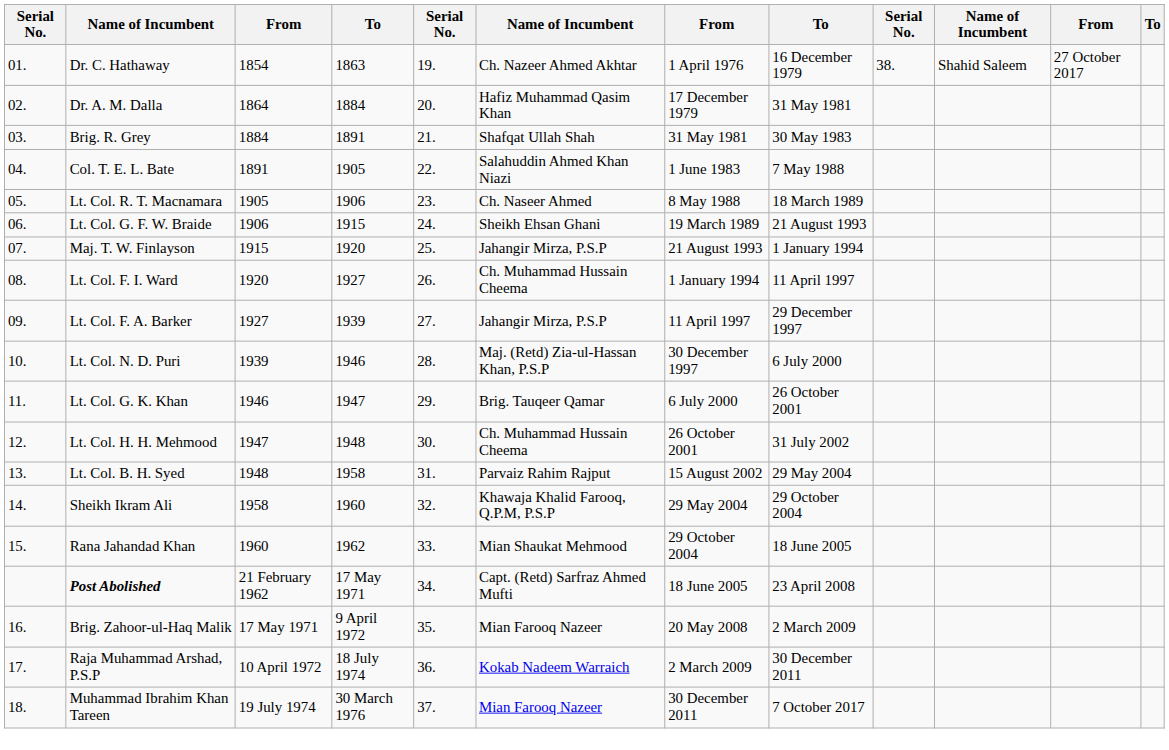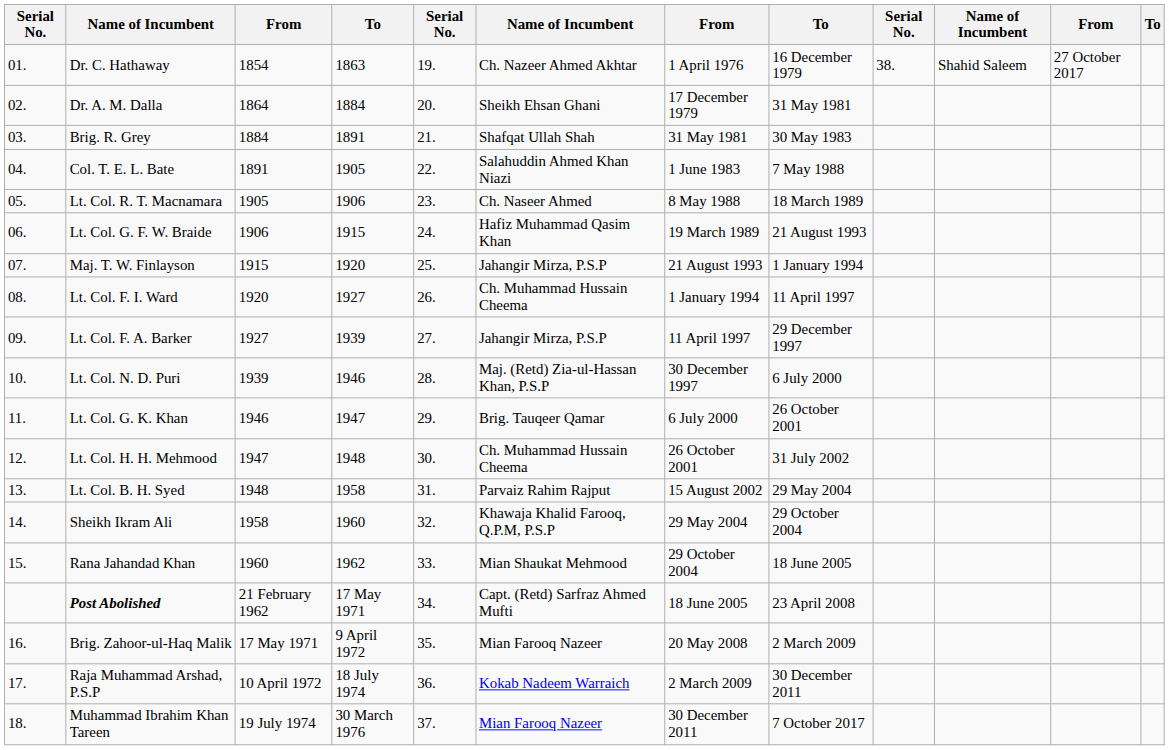 <table class="wikitable">
 <tr>
 <th>Serial No.</th>
 <th>Name of Incumbent</th>
 <th>From</th>
 <th>To</th>
 <th>Serial No.</th>
 <th>Name of Incumbent</th>
 <th>From</th>
 <th>To</th>
 <th>Serial No.</th>
 <th>Name of Incumbent</th>
 <th>From</th>
 <th>To</th>
 </tr>
 <tr>
 <td>01.</td>
 <td>Dr. C. Hathaway</td>
 <td>1854</td>
 <td>1863</td>
 <td>19.</td>
 <td>Ch. Nazeer Ahmed Akhtar</td>
 <td>1 April 1976</td>
 <td>16 December 1979</td>
 <td>38.</td>
 <td>Shahid Saleem</td>
 <td>27 October 2017</td>
 <td></td>
 </tr>
 <tr>
 <td>02.</td>
 <td>Dr. A. M. Dalla</td>
 <td>1864</td>
 <td>1884</td>
 <td>20.</td>
-<td>Hafiz Muhammad Qasim Khan</td>
+<td>Sheikh Ehsan Ghani</td>
 <td>17 December 1979</td>
 <td>31 May 1981</td>
 <td></td>
 <td></td>
 <td></td>
 <td></td>
 </tr>
 <tr>
 <td>03.</td>
 <td>Brig. R. Grey</td>
 <td>1884</td>
 <td>1891</td>
 <td>21.</td>
 <td>Shafqat Ullah Shah</td>
 <td>31 May 1981</td>
 <td>30 May 1983</td>
 <td></td>
 <td></td>
 <td></td>
 <td></td>
 </tr>
 <tr>
 <td>04.</td>
 <td>Col. T. E. L. Bate</td>
 <td>1891</td>
 <td>1905</td>
 <td>22.</td>
 <td>Salahuddin Ahmed Khan Niazi</td>
 <td>1 June 1983</td>
 <td>7 May 1988</td>
 <td></td>
 <td></td>
 <td></td>
 <td></td>
 </tr>
 <tr>
 <td>05.</td>
 <td>Lt. Col. R. T. Macnamara</td>
 <td>1905</td>
 <td>1906</td>
 <td>23.</td>
 <td>Ch. Naseer Ahmed</td>
 <td>8 May 1988</td>
 <td>18 March 1989</td>
 <td></td>
 <td></td>
 <td></td>
 <td></td>
 </tr>
 <tr>
 <td>06.</td>
 <td>Lt. Col. G. F. W. Braide</td>
 <td>1906</td>
 <td>1915</td>
 <td>24.</td>
-<td>Sheikh Ehsan Ghani</td>
+<td>Hafiz Muhammad Qasim Khan</td>
 <td>19 March 1989</td>
 <td>21 August 1993</td>
 <td></td>
 <td></td>
 <td></td>
 <td></td>
 </tr>
 <tr>
 <td>07.</td>
 <td>Maj. T. W. Finlayson</td>
 <td>1915</td>
 <td>1920</td>
 <td>25.</td>
 <td>Jahangir Mirza, P.S.P</td>
 <td>21 August 1993</td>
 <td>1 January 1994</td>
 <td></td>
 <td></td>
 <td></td>
 <td></td>
 </tr>
 <tr>
 <td>08.</td>
 <td>Lt. Col. F. I. Ward</td>
 <td>1920</td>
 <td>1927</td>
 <td>26.</td>
 <td>Ch. Muhammad Hussain Cheema</td>
 <td>1 January 1994</td>
 <td>11 April 1997</td>
 <td></td>
 <td></td>
 <td></td>
 <td></td>
 </tr>
 <tr>
 <td>09.</td>
 <td>Lt. Col. F. A. Barker</td>
 <td>1927</td>
 <td>1939</td>
 <td>27.</td>
 <td>Jahangir Mirza, P.S.P</td>
 <td>11 April 1997</td>
 <td>29 December 1997</td>
 <td></td>
 <td></td>
 <td></td>
 <td></td>
 </tr>
 <tr>
 <td>10.</td>
 <td>Lt. Col. N. D. Puri</td>
 <td>1939</td>
 <td>1946</td>
 <td>28.</td>
 <td>Maj. (Retd) Zia-ul-Hassan Khan, P.S.P</td>
 <td>30 December 1997</td>
 <td>6 July 2000</td>
 <td></td>
 <td></td>
 <td></td>
 <td></td>
 </tr>
 <tr>
 <td>11.</td>
 <td>Lt. Col. G. K. Khan</td>
 <td>1946</td>
 <td>1947</td>
 <td>29.</td>
 <td>Brig. Tauqeer Qamar</td>
 <td>6 July 2000</td>
 <td>26 October 2001</td>
 <td></td>
 <td></td>
 <td></td>
 <td></td>
 </tr>
 <tr>
 <td>12.</td>
 <td>Lt. Col. H. H. Mehmood</td>
 <td>1947</td>
 <td>1948</td>
 <td>30.</td>
 <td>Ch. Muhammad Hussain Cheema</td>
 <td>26 October 2001</td>
 <td>31 July 2002</td>
 <td></td>
 <td></td>
 <td></td>
 <td></td>
 </tr>
 <tr>
 <td>13.</td>
 <td>Lt. Col. B. H. Syed</td>
 <td>1948</td>
 <td>1958</td>
 <td>31.</td>
 <td>Parvaiz Rahim Rajput</td>
 <td>15 August 2002</td>
 <td>29 May 2004</td>
 <td></td>
 <td></td>
 <td></td>
 <td></td>
 </tr>
 <tr>
 <td>14.</td>
 <td>Sheikh Ikram Ali</td>
 <td>1958</td>
 <td>1960</td>
 <td>32.</td>
 <td>Khawaja Khalid Farooq, Q.P.M, P.S.P</td>
 <td>29 May 2004</td>
 <td>29 October 2004</td>
 <td></td>
 <td></td>
 <td></td>
 <td></td>
 </tr>
 <tr>
 <td>15.</td>
 <td>Rana Jahandad Khan</td>
 <td>1960</td>
 <td>1962</td>
 <td>33.</td>
 <td>Mian Shaukat Mehmood</td>
 <td>29 October 2004</td>
 <td>18 June 2005</td>
 <td></td>
 <td></td>
 <td></td>
 <td></td>
 </tr>
 <tr>
 <td></td>
 <td><strong><em>Post Abolished</em></strong></td>
 <td>21 February 1962</td>
 <td>17 May 1971</td>
 <td>34.</td>
 <td>Capt. (Retd) Sarfraz Ahmed Mufti</td>
 <td>18 June 2005</td>
 <td>23 April 2008</td>
 <td></td>
 <td></td>
 <td></td>
 <td></td>
 </tr>
 <tr>
 <td>16.</td>
 <td>Brig. Zahoor-ul-Haq Malik</td>
 <td>17 May 1971</td>
 <td>9 April 1972</td>
 <td>35.</td>
 <td>Mian Farooq Nazeer</td>
 <td>20 May 2008</td>
 <td>2 March 2009</td>
 <td></td>
 <td></td>
 <td></td>
 <td></td>
 </tr>
 <tr>
 <td>17.</td>
 <td>Raja Muhammad Arshad, P.S.P</td>
 <td>10 April 1972</td>
 <td>18 July 1974</td>
 <td>36.</td>
 <td><a href='#'>Kokab Nadeem Warraich</a></td>
 <td>2 March 2009</td>
 <td>30 December 2011</td>
 <td></td>
 <td></td>
 <td></td>
 <td></td>
 </tr>
 <tr>
 <td>18.</td>
 <td>Muhammad Ibrahim Khan Tareen</td>
 <td>19 July 1974</td>
 <td>30 March 1976</td>
 <td>37.</td>
 <td><a href='#'>Mian Farooq Nazeer</a></td>
 <td>30 December 2011</td>
 <td>7 October 2017</td>
 <td></td>
 <td></td>
 <td></td>
 <td></td>
 </tr>
 </table>
